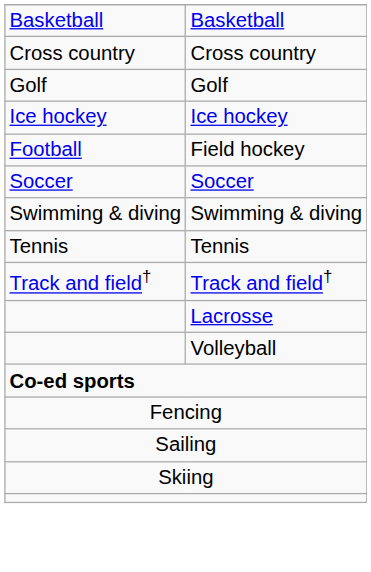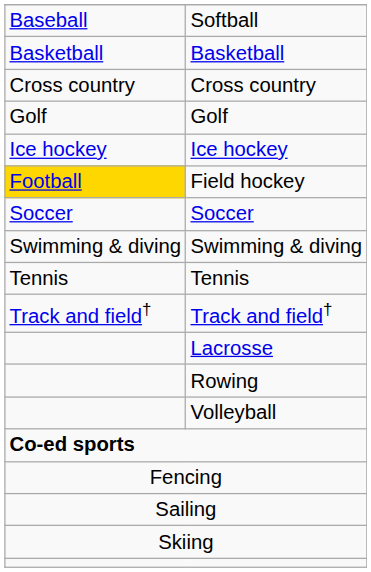 <table class="wikitable" style="float:right; clear:right; margin:0 0 1em 1em;">
 <tr>
+</tr>
+<tr>
+<td><a href='#'>Baseball</a></td>
+<td>Softball</td>
 </tr>
 <tr>
 <td><a href='#'>Basketball</a></td>
 <td><a href='#'>Basketball</a></td>
 </tr>
 <tr>
 <td>Cross country</td>
 <td>Cross country</td>
 </tr>
 <tr>
 <td>Golf</td>
 <td>Golf</td>
 </tr>
 <tr>
 <td><a href='#'>Ice hockey</a></td>
 <td><a href='#'>Ice hockey</a></td>
 </tr>
 <tr>
-<td><a href='#'>Football</a></td>
+<td style="background: gold;"><a href='#'>Football</a></td>
 <td>Field hockey</td>
 </tr>
 <tr>
 <td><a href='#'>Soccer</a></td>
 <td><a href='#'>Soccer</a></td>
 </tr>
 <tr>
 <td>Swimming & diving</td>
 <td>Swimming & diving</td>
 </tr>
 <tr>
 <td>Tennis</td>
 <td>Tennis</td>
 </tr>
 <tr>
 <td><a href='#'>Track and field</a><sup>†</sup></td>
 <td><a href='#'>Track and field</a><sup>†</sup></td>
 </tr>
 <tr>
 <td></td>
 <td><a href='#'>Lacrosse</a></td>
 </tr>
 <tr>
 <td></td>
+<td>Rowing</td>
+</tr>
+<tr>
+<td></td>
 <td>Volleyball</td>
 </tr>
 <tr>
 <td colspan="2"><strong>Co-ed sports</strong></td>
 </tr>
 <tr style="text-align:center">
 <td colspan="2">Fencing</td>
 </tr>
 <tr style="text-align:center">
 <td colspan="2">Sailing</td>
 </tr>
 <tr style="text-align:center">
 <td colspan="2">Skiing</td>
 </tr>
 <tr>
 <td colspan="2"></td>
 </tr>
 </table>
